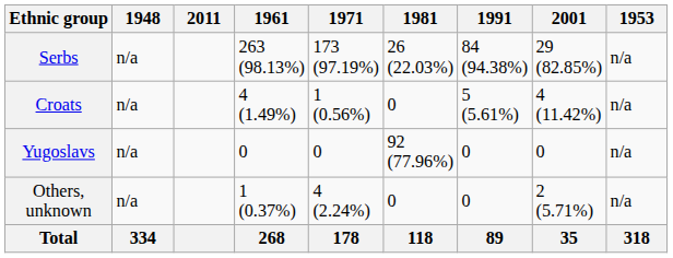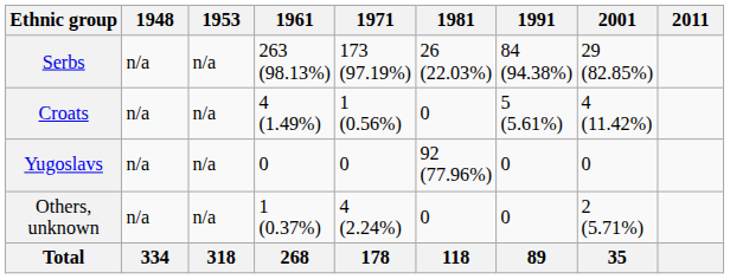 <table class="wikitable" border="1">
 <tr>
 <th>Ethnic group</th>
 <th style=width:3em>1948</th>
-<th style=width:3em>2011</th>
+<th style=width:3em>1953</th>
 <th style=width:3em>1961</th>
 <th style=width:3em>1971</th>
 <th style=width:3em>1981</th>
 <th style=width:3em>1991</th>
 <th style=width:3em>2001</th>
-<th style=width:3em>1953</th>
+<th style=width:3em>2011</th>
 </tr>
 <tr>
 <th style=font-weight:300><a href='#'>Serbs</a></th>
 <td>n/a</td>
-<td></td>
+<td>n/a</td>
 <td>263 (98.13%)</td>
 <td>173 (97.19%)</td>
 <td>26 (22.03%)</td>
 <td>84 (94.38%)</td>
 <td>29 (82.85%)</td>
-<td>n/a</td>
+<td></td>
 </tr>
 <tr>
 <th style=font-weight:300><a href='#'>Croats</a></th>
 <td>n/a</td>
-<td></td>
+<td>n/a</td>
 <td>4 (1.49%)</td>
 <td>1 (0.56%)</td>
 <td>0</td>
 <td>5 (5.61%)</td>
 <td>4 (11.42%)</td>
-<td>n/a</td>
+<td></td>
 </tr>
 <tr>
 <th style=font-weight:300><a href='#'>Yugoslavs</a></th>
 <td>n/a</td>
-<td></td>
+<td>n/a</td>
 <td>0</td>
 <td>0</td>
 <td>92 (77.96%)</td>
 <td>0</td>
 <td>0</td>
-<td>n/a</td>
+<td></td>
 </tr>
 <tr>
 <th style=font-weight:300>Others,<br> unknown</th>
 <td>n/a</td>
-<td></td>
+<td>n/a</td>
 <td>1 (0.37%)</td>
 <td>4 (2.24%)</td>
 <td>0</td>
 <td>0</td>
 <td>2 (5.71%)</td>
-<td>n/a</td>
+<td></td>
 </tr>
 <tr>
 <th>Total</th>
 <th>334</th>
-<th></th>
+<th>318</th>
 <th>268</th>
 <th>178</th>
 <th>118</th>
 <th>89</th>
 <th>35</th>
-<th>318</th>
+<th></th>
 </tr>
 </table>
